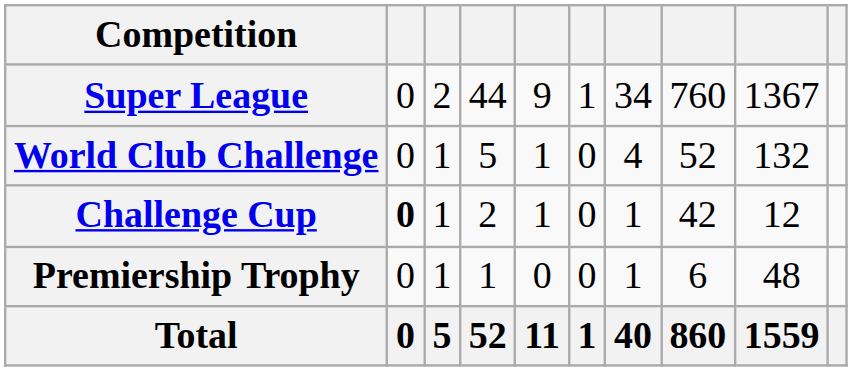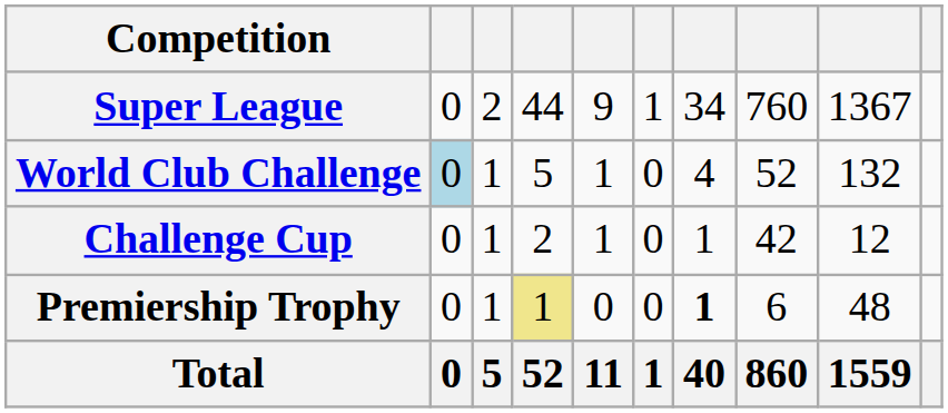 <table class="wikitable plainrowheaders sortable">
 <tr>
 <th>Competition</th>
 <th scope=col></th>
 <th scope=col></th>
 <th scope=col></th>
 <th scope=col></th>
 <th scope=col></th>
 <th scope=col></th>
 <th scope=col></th>
 <th scope=col></th>
 <th scope=col></th>
 </tr>
 <tr>
 <th scope=row align=left><a href='#'>Super League</a></th>
 <td align=center>0</td>
 <td align=center>2</td>
 <td align=center>44</td>
 <td align=center>9</td>
 <td align=center>1</td>
 <td align=center>34</td>
 <td align=center>760</td>
 <td align=center>1367</td>
 <td align=center></td>
 </tr>
 <tr>
 <th scope=row align=left><a href='#'>World Club Challenge</a></th>
-<td align=center>0</td>
+<td align=center style="background: lightblue;">0</td>
 <td align=center>1</td>
 <td align=center>5</td>
 <td align=center>1</td>
 <td align=center>0</td>
 <td align=center>4</td>
 <td align=center>52</td>
 <td align=center>132</td>
 <td align=center></td>
 </tr>
 <tr>
 <th scope=row align=left><a href='#'>Challenge Cup</a></th>
-<td align=center><strong>0</strong></td>
+<td align=center>0</td>
 <td align=center>1</td>
 <td align=center>2</td>
 <td align=center>1</td>
 <td align=center>0</td>
 <td align=center>1</td>
 <td align=center>42</td>
 <td align=center>12</td>
 <td align=center></td>
 </tr>
 <tr>
 <th scope=row align=left>Premiership Trophy</th>
 <td align=center>0</td>
 <td align=center>1</td>
-<td align=center>1</td>
+<td align=center style="background: khaki;">1</td>
 <td align=center>0</td>
 <td align=center>0</td>
-<td align=center>1</td>
+<td align=center><strong>1</strong></td>
 <td align=center>6</td>
 <td align=center>48</td>
 <td align=center></td>
 </tr>
 <tr class=sortbottom>
 <th scope=row><strong>Total</strong></th>
 <th align=center>0</th>
 <th align=center>5</th>
 <th align=center>52</th>
 <th align=center>11</th>
 <th align=center>1</th>
 <th align=center>40</th>
 <th align=center>860</th>
 <th align=center>1559</th>
 <th align=center></th>
 </tr>
 </table>
